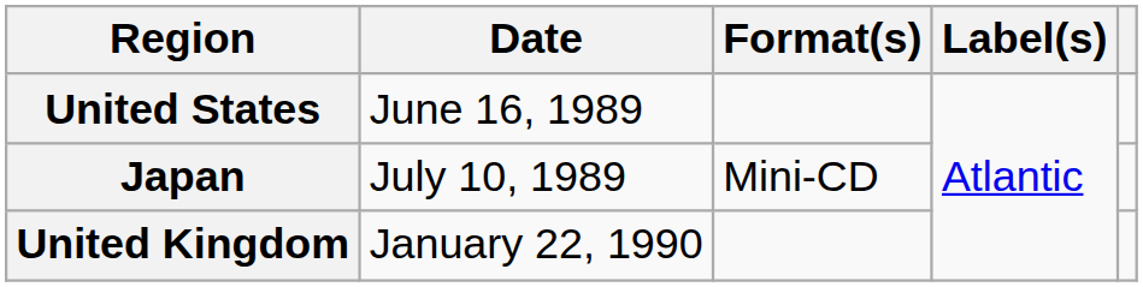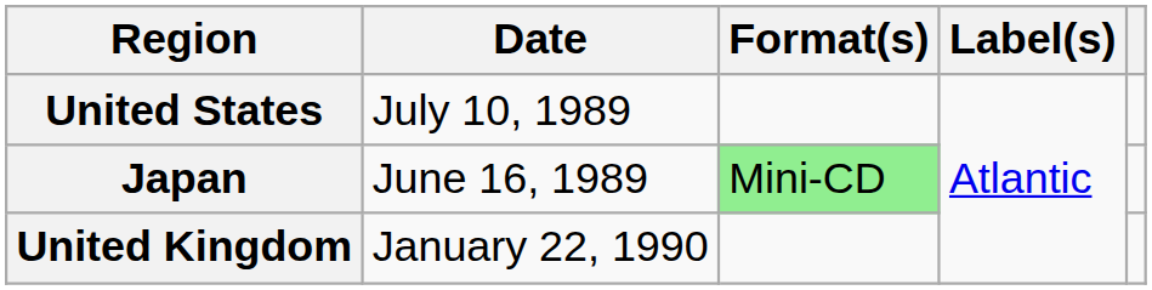 <table class="wikitable plainrowheaders">
 <tr>
 <th scope="col">Region</th>
 <th scope="col">Date</th>
 <th scope="col">Format(s)</th>
 <th scope="col">Label(s)</th>
 <th scope="col"></th>
 </tr>
 <tr>
 <th scope="row">United States</th>
-<td>June 16, 1989</td>
+<td>July 10, 1989</td>
 <td></td>
 <td rowspan="3"><a href='#'>Atlantic</a></td>
 <td></td>
 </tr>
 <tr>
 <th scope="row">Japan</th>
-<td>July 10, 1989</td>
-<td>Mini-CD</td>
+<td>June 16, 1989</td>
+<td style="background: lightgreen;">Mini-CD</td>
 <td></td>
 </tr>
 <tr>
 <th scope="row">United Kingdom</th>
 <td>January 22, 1990</td>
 <td></td>
 <td></td>
 </tr>
 </table>
